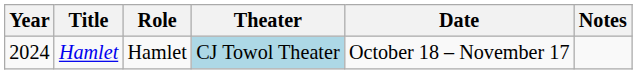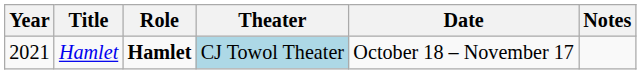 <table class="wikitable sortable">
 <tr>
 <th scope="col">Year</th>
 <th scope="col">Title</th>
 <th scope="col">Role</th>
 <th>Theater</th>
 <th>Date</th>
 <th scope="col" class="unsortable">Notes</th>
 </tr>
 <tr>
-<td>2024</td>
+<td>2021</td>
 <td><em><a href='#'>Hamlet</a></em></td>
-<td>Hamlet</td>
+<td><strong>Hamlet</strong></td>
 <td style="background: lightblue;">CJ Towol Theater</td>
 <td>October 18 – November 17</td>
 <td></td>
 </tr>
 </table>
